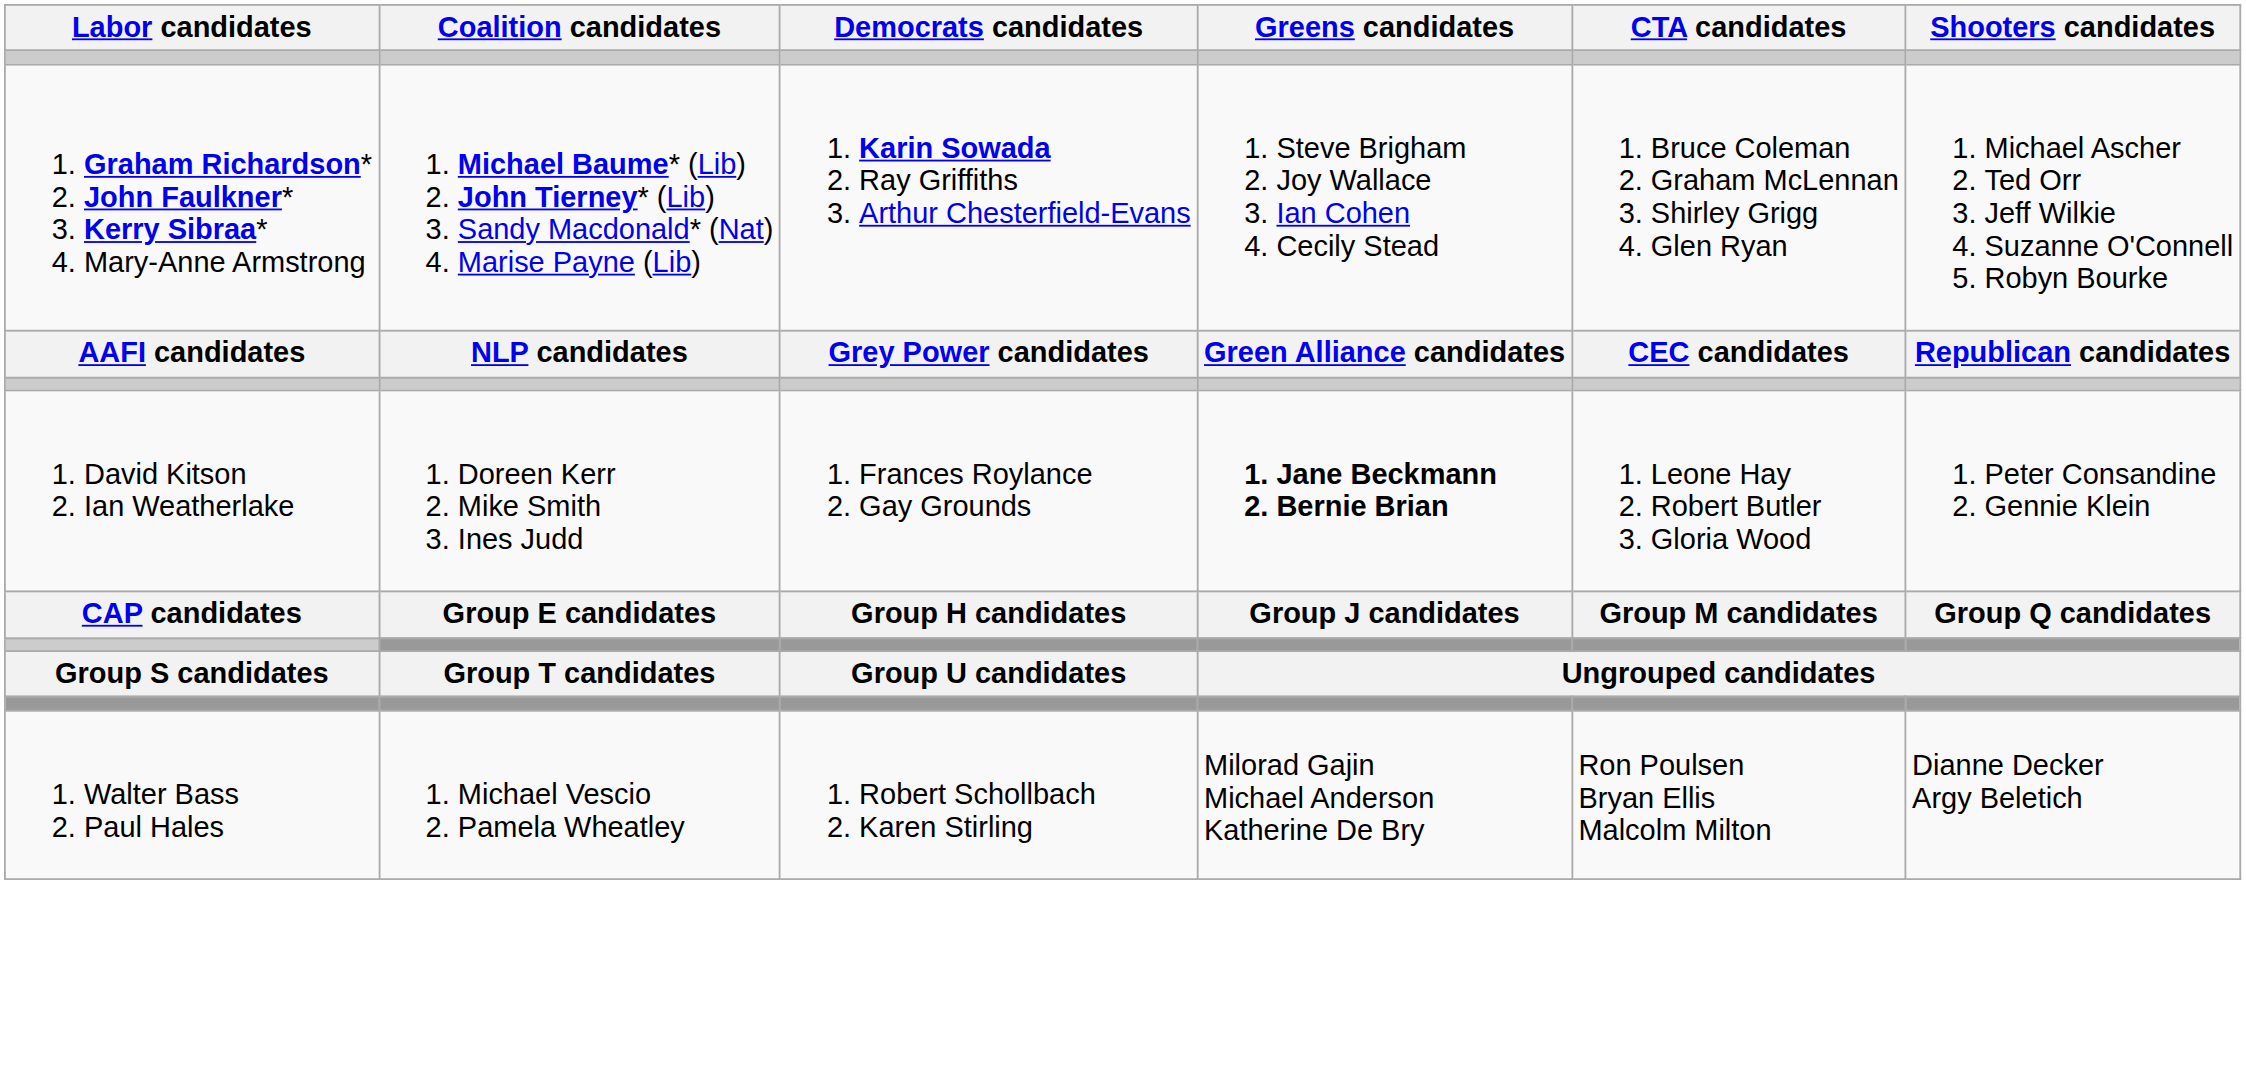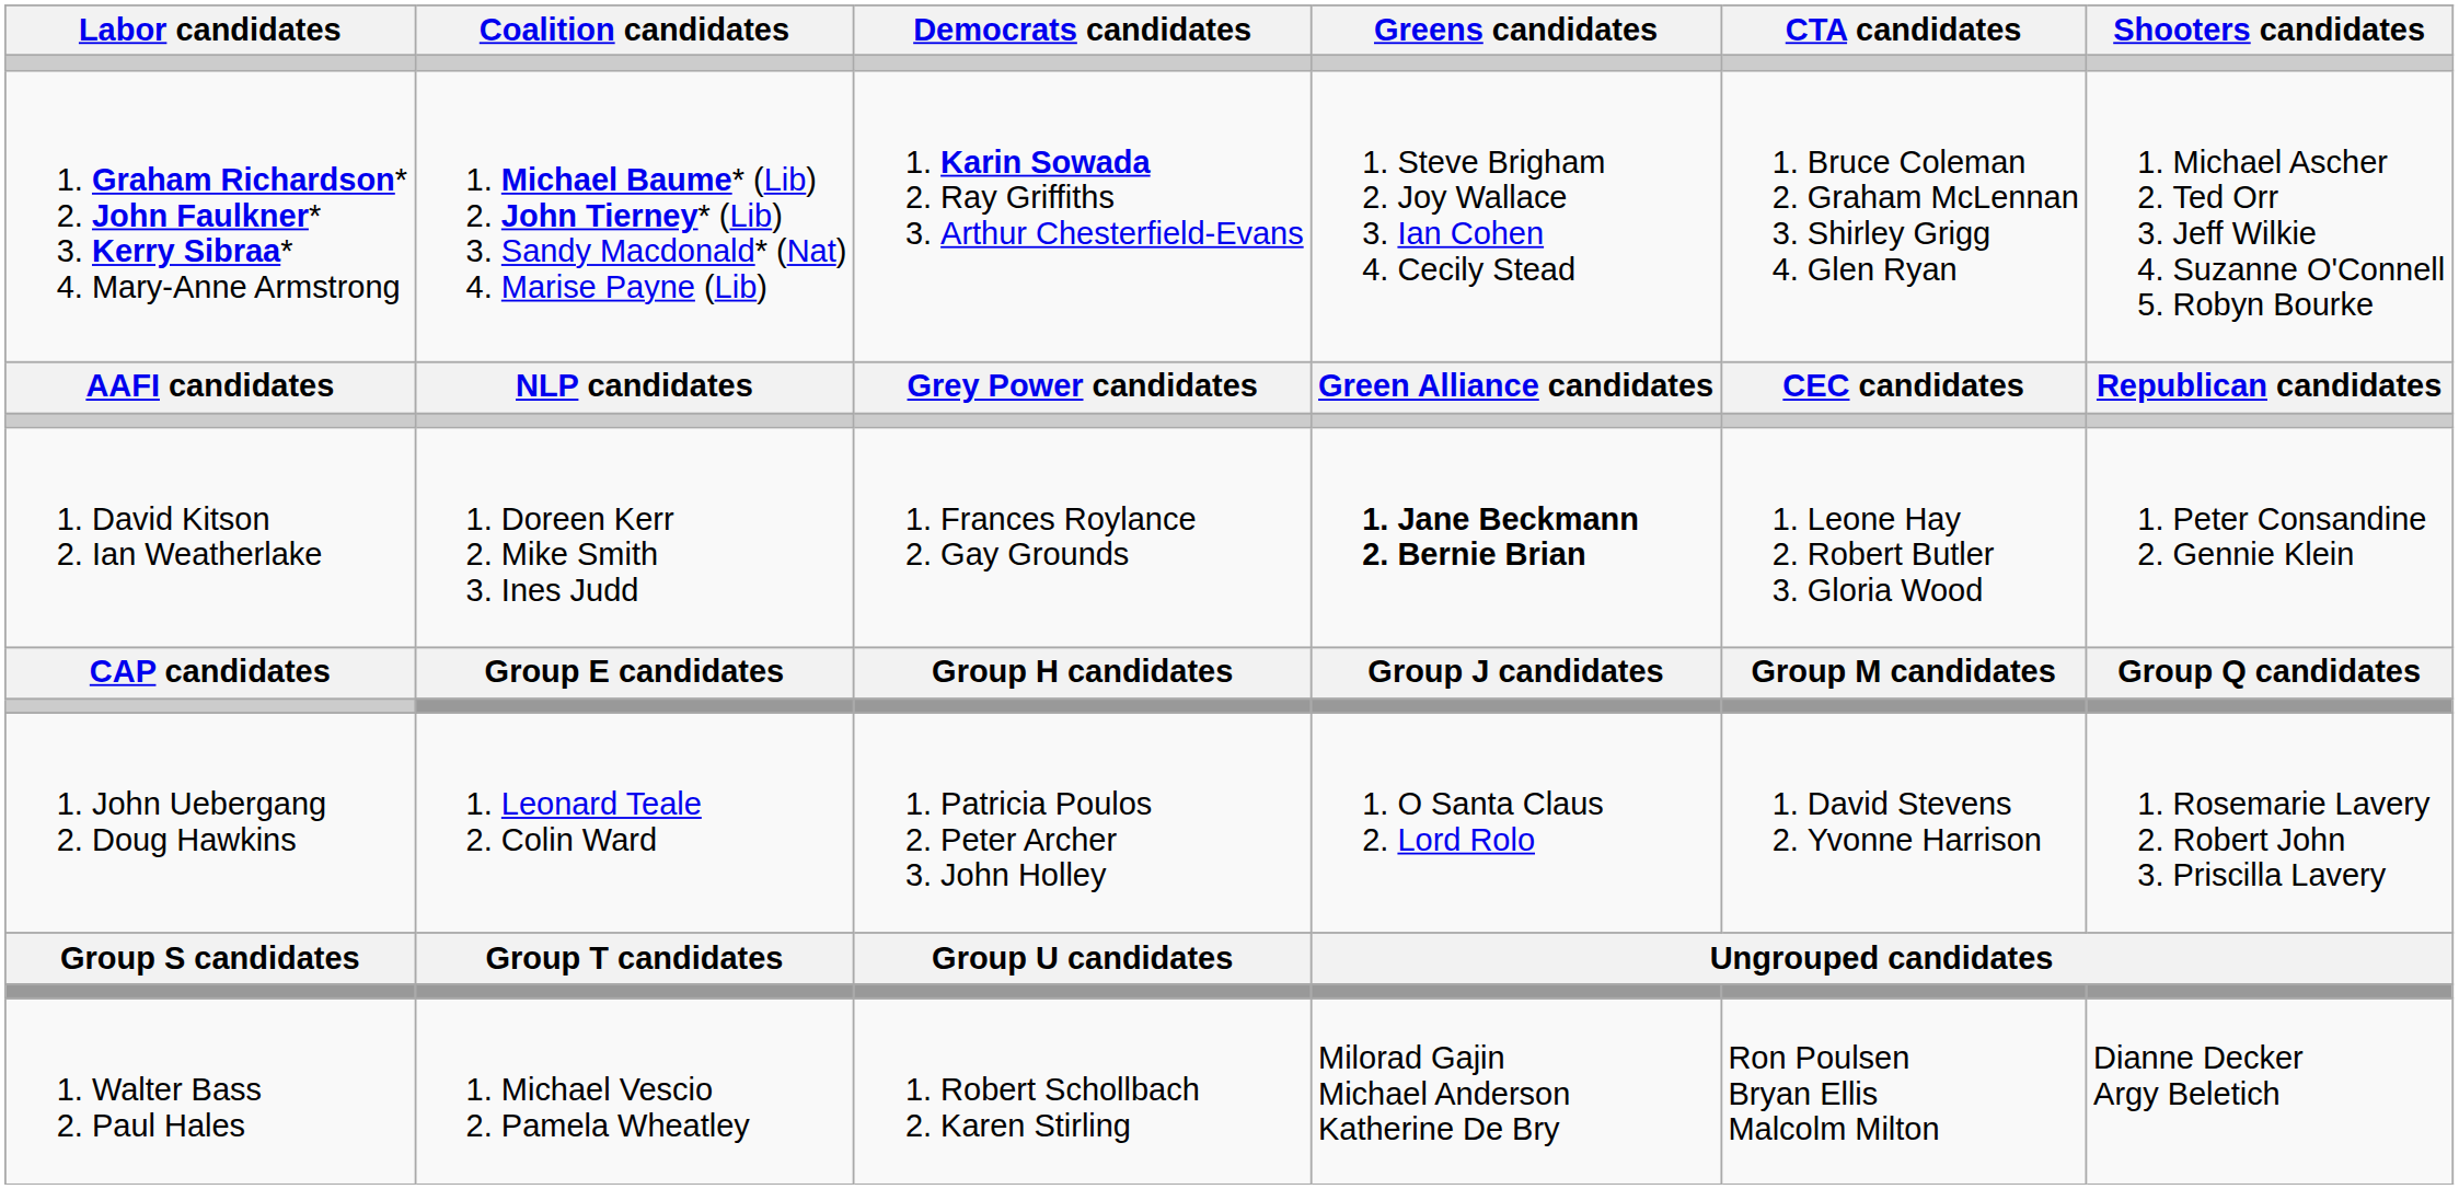 <table class="wikitable">
 <tr>
 <th><a href='#'>Labor</a> candidates</th>
 <th><a href='#'>Coalition</a> candidates</th>
 <th><a href='#'>Democrats</a> candidates</th>
 <th><a href='#'>Greens</a> candidates</th>
 <th><a href='#'>CTA</a> candidates</th>
 <th><a href='#'>Shooters</a> candidates</th>
 </tr>
 <tr bgcolor="#cccccc">
 <td></td>
 <td></td>
 <td></td>
 <td></td>
 <td></td>
 <td></td>
 </tr>
 <tr>
 <td><br><ol><li><strong><a href='#'>Graham Richardson</a></strong>*</li><li><strong><a href='#'>John Faulkner</a></strong>*</li><li><strong><a href='#'>Kerry Sibraa</a></strong>*</li><li>Mary-Anne Armstrong</li></ol></td>
 <td><br><ol><li><strong><a href='#'>Michael Baume</a></strong>* (<a href='#'>Lib</a>)</li><li><strong><a href='#'>John Tierney</a></strong>* (<a href='#'>Lib</a>)</li><li><a href='#'>Sandy Macdonald</a>* (<a href='#'>Nat</a>)</li><li><a href='#'>Marise Payne</a> (<a href='#'>Lib</a>)</li></ol></td>
 <td valign=top><br><ol><li><strong><a href='#'>Karin Sowada</a></strong></li><li>Ray Griffiths</li><li><a href='#'>Arthur Chesterfield-Evans</a></li></ol></td>
 <td valign=top><br><ol><li>Steve Brigham</li><li>Joy Wallace</li><li><a href='#'>Ian Cohen</a></li><li>Cecily Stead</li></ol></td>
 <td valign=top><br><ol><li>Bruce Coleman</li><li>Graham McLennan</li><li>Shirley Grigg</li><li>Glen Ryan</li></ol></td>
 <td valign=top><br><ol><li>Michael Ascher</li><li>Ted Orr</li><li>Jeff Wilkie</li><li>Suzanne O'Connell</li><li>Robyn Bourke</li></ol></td>
 </tr>
 <tr bgcolor="#cccccc">
 <th><a href='#'>AAFI</a> candidates</th>
 <th><a href='#'>NLP</a> candidates</th>
 <th><a href='#'>Grey Power</a> candidates</th>
 <th><a href='#'>Green Alliance</a> candidates</th>
 <th><a href='#'>CEC</a> candidates</th>
 <th><a href='#'>Republican</a> candidates</th>
 </tr>
 <tr bgcolor="#cccccc">
 <td></td>
 <td></td>
 <td></td>
 <td></td>
 <td></td>
 <td></td>
 </tr>
 <tr>
 <td valign=top><br><ol><li>David Kitson</li><li>Ian Weatherlake</li></ol></td>
 <td valign=top><br><ol><li>Doreen Kerr</li><li>Mike Smith</li><li>Ines Judd</li></ol></td>
 <td valign=top><br><ol><li>Frances Roylance</li><li>Gay Grounds</li></ol></td>
 <td valign=top><strong><br><ol><li>Jane Beckmann</li><li>Bernie Brian</li></ol></strong></td>
 <td valign=top><br><ol><li>Leone Hay</li><li>Robert Butler</li><li>Gloria Wood</li></ol></td>
 <td valign=top><br><ol><li>Peter Consandine</li><li>Gennie Klein</li></ol></td>
 </tr>
 <tr bgcolor="#cccccc">
 <th><a href='#'>CAP</a> candidates</th>
 <th>Group E candidates</th>
 <th>Group H candidates</th>
 <th>Group J candidates</th>
 <th>Group M candidates</th>
 <th>Group Q candidates</th>
 </tr>
 <tr bgcolor="#cccccc">
 <td></td>
 <td bgcolor="#999999"></td>
 <td bgcolor="#999999"></td>
 <td bgcolor="#999999"></td>
 <td bgcolor="#999999"></td>
 <td bgcolor="#999999"></td>
 </tr>
+<tr>
+<td valign=top><br><ol><li>John Uebergang</li><li>Doug Hawkins</li></ol></td>
+<td valign=top><br><ol><li><a href='#'>Leonard Teale</a></li><li>Colin Ward</li></ol></td>
+<td valign=top><br><ol><li>Patricia Poulos</li><li>Peter Archer</li><li>John Holley</li></ol></td>
+<td valign=top><br><ol><li>O Santa Claus</li><li><a href='#'>Lord Rolo</a></li></ol></td>
+<td valign=top><br><ol><li>David Stevens</li><li>Yvonne Harrison</li></ol></td>
+<td valign=top><br><ol><li>Rosemarie Lavery</li><li>Robert John</li><li>Priscilla Lavery</li></ol></td>
+</tr>
 <tr bgcolor="#cccccc">
 <th>Group S candidates</th>
 <th>Group T candidates</th>
 <th>Group U candidates</th>
 <th colspan="3">Ungrouped candidates</th>
 </tr>
 <tr bgcolor="#cccccc">
 <td bgcolor="#999999"></td>
 <td bgcolor="#999999"></td>
 <td bgcolor="#999999"></td>
 <td bgcolor="#999999"></td>
 <td bgcolor="#999999"></td>
 <td bgcolor="#999999"></td>
 </tr>
 <tr>
 <td valign=top><br><ol><li>Walter Bass</li><li>Paul Hales</li></ol></td>
 <td valign=top><br><ol><li>Michael Vescio</li><li>Pamela Wheatley</li></ol></td>
 <td valign=top><br><ol><li>Robert Schollbach</li><li>Karen Stirling</li></ol></td>
 <td valign=top><br>Milorad Gajin<br> Michael Anderson<br> Katherine De Bry</td>
 <td valign=top><br>Ron Poulsen<br> Bryan Ellis<br> Malcolm Milton</td>
 <td valign=top><br>Dianne Decker<br> Argy Beletich</td>
 </tr>
 </table>
